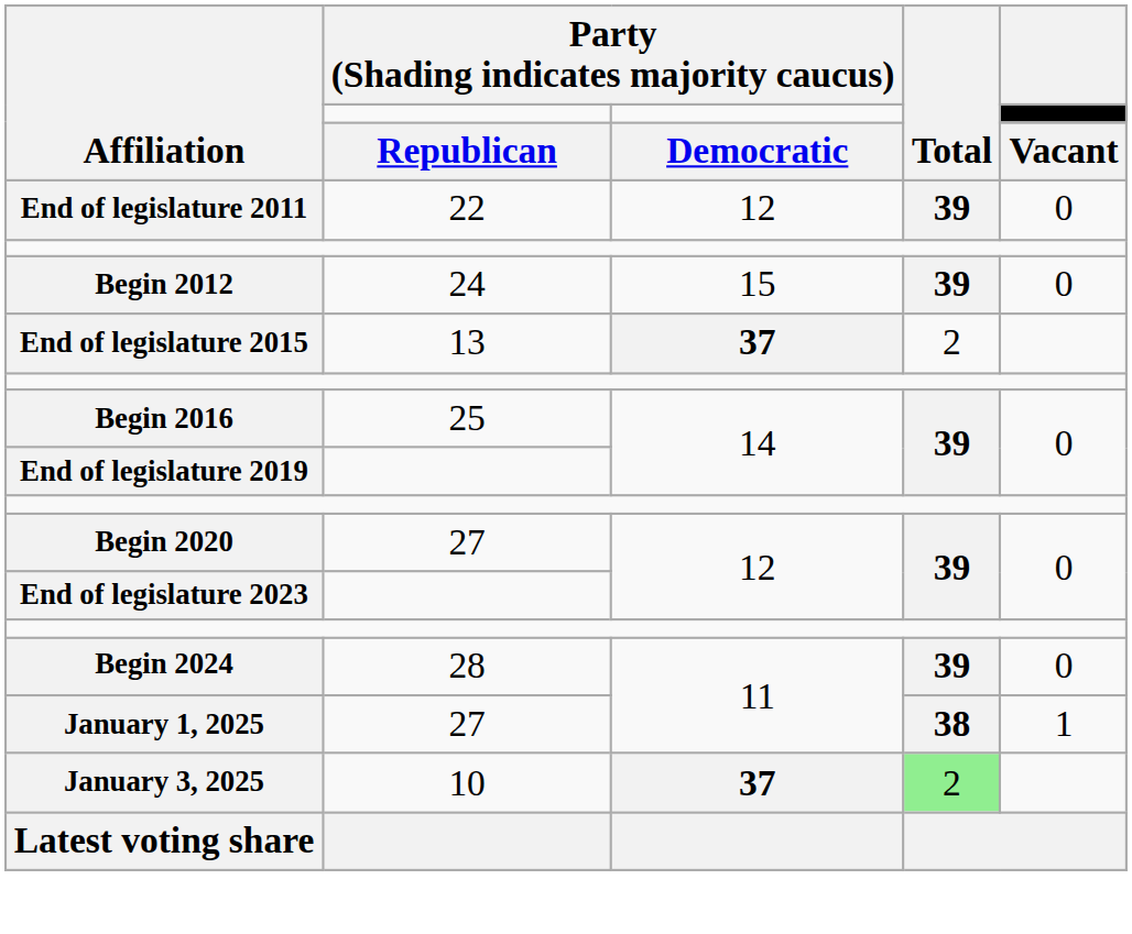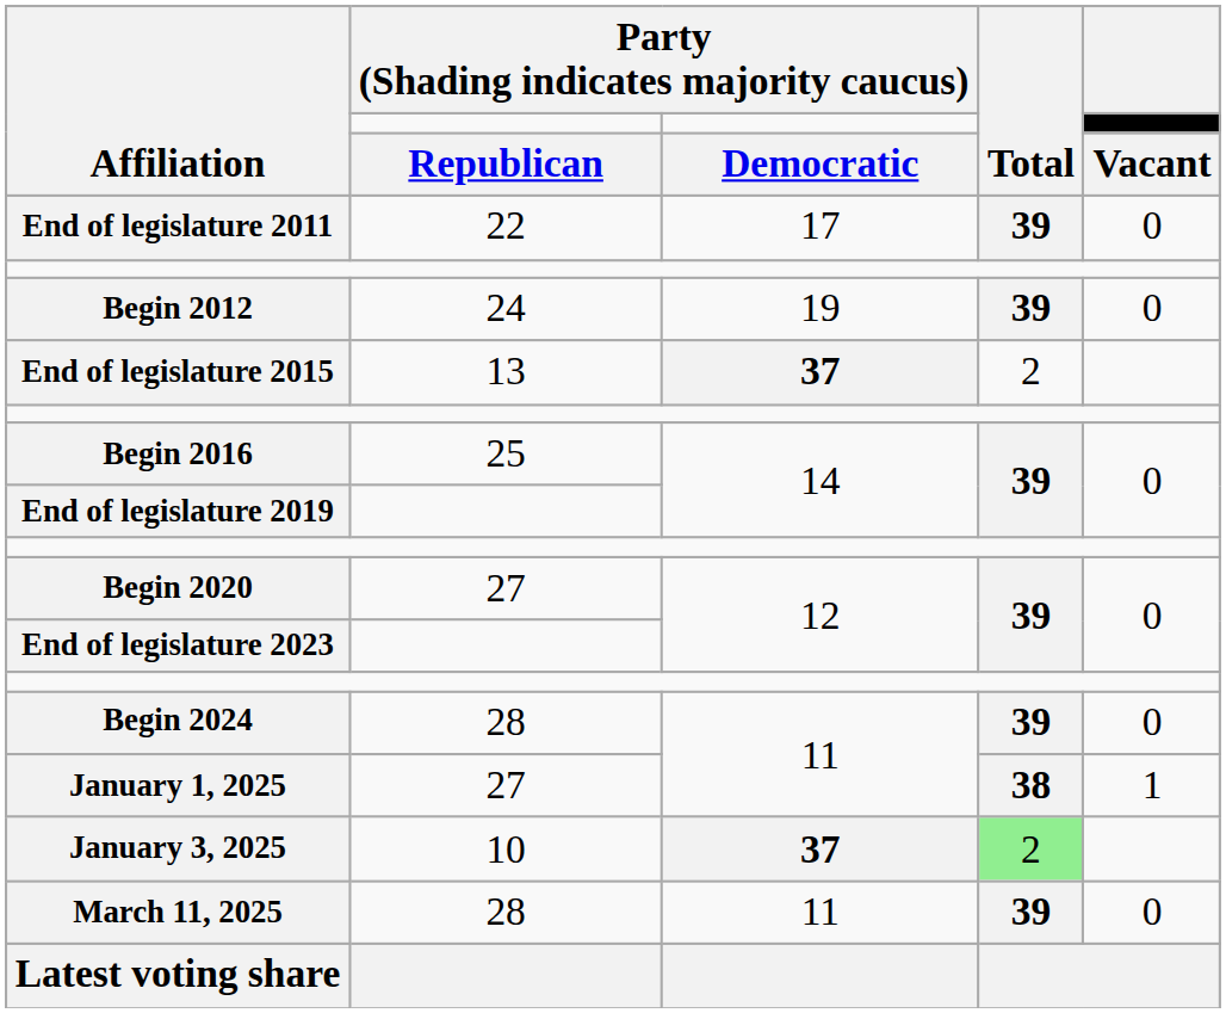 <table class=wikitable style="text-align:center">
 <tr style="vertical-align:bottom;">
 <th rowspan=3>Affiliation</th>
 <th colspan=2>Party <div>(Shading indicates majority caucus)</div></th>
 <th rowspan=3>Total</th>
 <th></th>
 </tr>
 <tr style="height:5px">
 <td style="background-color:"></td>
 <td style="background-color:"></td>
 <td style="background-color:black"></td>
 </tr>
 <tr>
 <th><a href='#'>Republican</a></th>
 <th><a href='#'>Democratic</a></th>
 <th>Vacant</th>
 </tr>
 <tr>
 <th nowrap style="font-size:80%">End of legislature 2011</th>
 <td>22</td>
-<td>12</td>
+<td>17</td>
 <th>39</th>
 <td>0</td>
 </tr>
 <tr>
 <td colspan=5></td>
 </tr>
 <tr>
 <th nowrap style="font-size:80%">Begin 2012</th>
 <td>24</td>
-<td>15</td>
+<td>19</td>
 <th>39</th>
 <td>0</td>
 </tr>
 <tr>
 <th nowrap style="font-size:80%">End of legislature 2015</th>
 <td>13</td>
 <th>37</th>
 <td>2</td>
 </tr>
 <tr>
 <td colspan=5></td>
 </tr>
 <tr>
 <th nowrap style="font-size:80%">Begin 2016</th>
 <td>25</td>
 <td rowspan=2>14</td>
 <th rowspan=2>39</th>
 <td rowspan=2>0</td>
 </tr>
 <tr>
 <th nowrap style="font-size:80%">End of legislature 2019</th>
 </tr>
 <tr>
 <td colspan=5></td>
 </tr>
 <tr>
 <th nowrap style="font-size:80%">Begin 2020</th>
 <td>27</td>
 <td rowspan=2>12</td>
 <th rowspan=2>39</th>
 <td rowspan=2>0</td>
 </tr>
 <tr>
 <th nowrap style="font-size:80%">End of legislature 2023</th>
 </tr>
 <tr>
 <td colspan=5></td>
 </tr>
 <tr>
 <th nowrap style="font-size:80%">Begin 2024</th>
 <td>28</td>
 <td rowspan=2>11</td>
 <th>39</th>
 <td>0</td>
 </tr>
 <tr>
 <th nowrap style="font-size:80%">January 1, 2025</th>
 <td>27</td>
 <th>38</th>
 <td>1</td>
 </tr>
 <tr>
 <th nowrap style="font-size:80%">January 3, 2025</th>
 <td>10</td>
 <th>37</th>
 <td style="background: lightgreen;">2</td>
 </tr>
 <tr>
+<th nowrap style="font-size:80%">March 11, 2025</th>
+<td>28</td>
+<td>11</td>
+<th>39</th>
+<td>0</td>
+</tr>
+<tr>
 <th>Latest voting share</th>
 <th></th>
 <th></th>
 <th colspan=2></th>
 </tr>
 </table>
